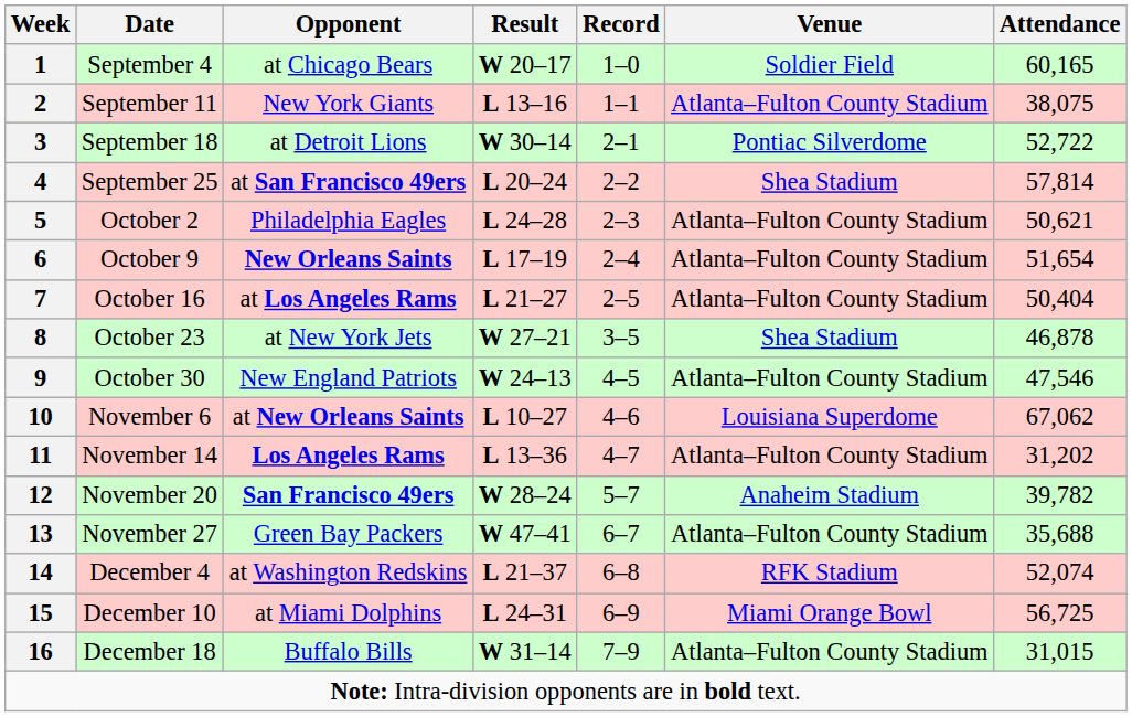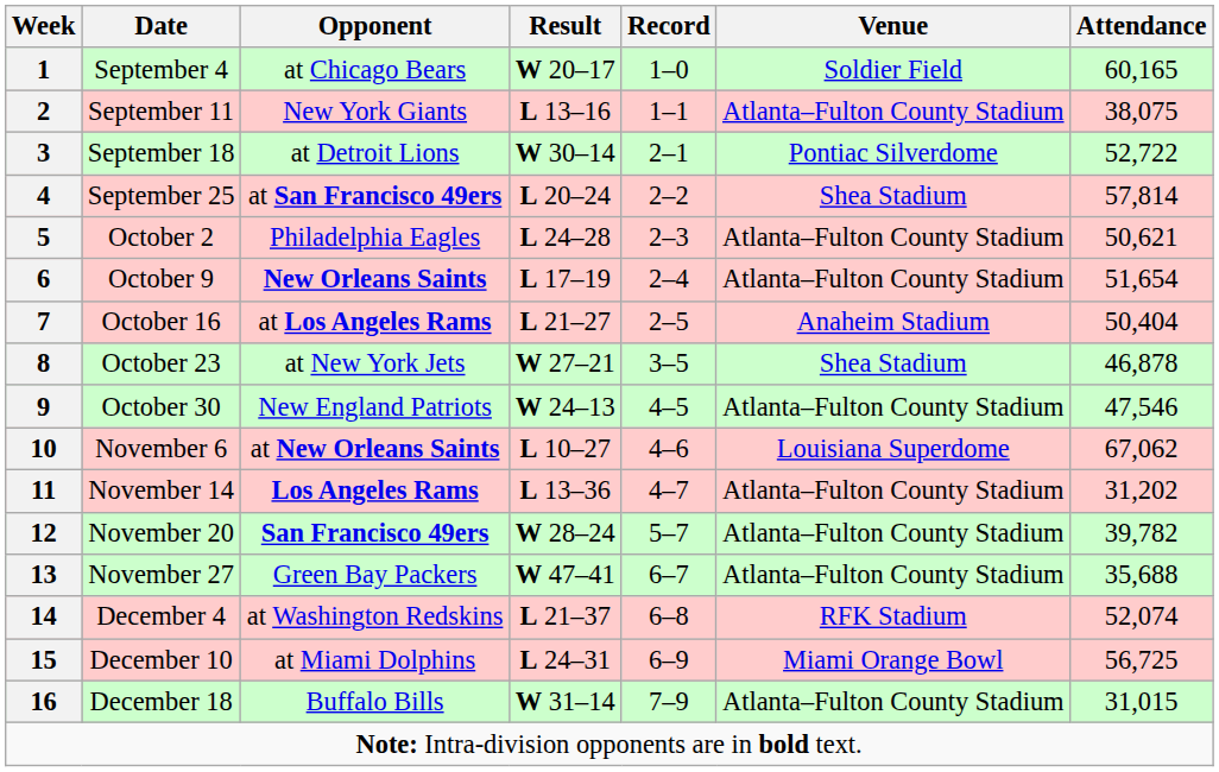 <table class="wikitable" style="text-align:center">
 <tr>
 <th>Week</th>
 <th>Date</th>
 <th>Opponent</th>
 <th>Result</th>
 <th>Record</th>
 <th>Venue</th>
 <th>Attendance</th>
 </tr>
 <tr style="background:#cfc">
 <th>1</th>
 <td>September 4</td>
 <td>at <a href='#'>Chicago Bears</a></td>
 <td><strong>W</strong> 20–17</td>
 <td>1–0</td>
 <td><a href='#'>Soldier Field</a></td>
 <td>60,165</td>
 </tr>
 <tr style="background:#fcc">
 <th>2</th>
 <td>September 11</td>
 <td><a href='#'>New York Giants</a></td>
 <td><strong>L</strong> 13–16</td>
 <td>1–1</td>
 <td><a href='#'>Atlanta–Fulton County Stadium</a></td>
 <td>38,075</td>
 </tr>
 <tr style="background:#cfc">
 <th>3</th>
 <td>September 18</td>
 <td>at <a href='#'>Detroit Lions</a></td>
 <td><strong>W</strong> 30–14</td>
 <td>2–1</td>
 <td><a href='#'>Pontiac Silverdome</a></td>
 <td>52,722</td>
 </tr>
 <tr style="background:#fcc">
 <th>4</th>
 <td>September 25</td>
 <td>at <strong><a href='#'>San Francisco 49ers</a></strong></td>
 <td><strong>L</strong> 20–24</td>
 <td>2–2</td>
 <td><a href='#'>Shea Stadium</a></td>
 <td>57,814</td>
 </tr>
 <tr style="background:#fcc">
 <th>5</th>
 <td>October 2</td>
 <td><a href='#'>Philadelphia Eagles</a></td>
 <td><strong>L</strong> 24–28</td>
 <td>2–3</td>
 <td>Atlanta–Fulton County Stadium</td>
 <td>50,621</td>
 </tr>
 <tr style="background:#fcc">
 <th>6</th>
 <td>October 9</td>
 <td><strong><a href='#'>New Orleans Saints</a></strong></td>
 <td><strong>L</strong> 17–19</td>
 <td>2–4</td>
 <td>Atlanta–Fulton County Stadium</td>
 <td>51,654</td>
 </tr>
 <tr style="background:#fcc">
 <th>7</th>
 <td>October 16</td>
 <td>at <strong><a href='#'>Los Angeles Rams</a></strong></td>
 <td><strong>L</strong> 21–27</td>
 <td>2–5</td>
-<td>Atlanta–Fulton County Stadium</td>
+<td><a href='#'>Anaheim Stadium</a></td>
 <td>50,404</td>
 </tr>
 <tr style="background:#cfc">
 <th>8</th>
 <td>October 23</td>
 <td>at <a href='#'>New York Jets</a></td>
 <td><strong>W</strong> 27–21</td>
 <td>3–5</td>
 <td><a href='#'>Shea Stadium</a></td>
 <td>46,878</td>
 </tr>
 <tr style="background:#cfc">
 <th>9</th>
 <td>October 30</td>
 <td><a href='#'>New England Patriots</a></td>
 <td><strong>W</strong> 24–13</td>
 <td>4–5</td>
 <td>Atlanta–Fulton County Stadium</td>
 <td>47,546</td>
 </tr>
 <tr style="background:#fcc">
 <th>10</th>
 <td>November 6</td>
 <td>at <strong><a href='#'>New Orleans Saints</a></strong></td>
 <td><strong>L</strong> 10–27</td>
 <td>4–6</td>
 <td><a href='#'>Louisiana Superdome</a></td>
 <td>67,062</td>
 </tr>
 <tr style="background:#fcc">
 <th>11</th>
 <td>November 14</td>
 <td><strong><a href='#'>Los Angeles Rams</a></strong></td>
 <td><strong>L</strong> 13–36</td>
 <td>4–7</td>
 <td>Atlanta–Fulton County Stadium</td>
 <td>31,202</td>
 </tr>
 <tr style="background:#cfc">
 <th>12</th>
 <td>November 20</td>
 <td><strong><a href='#'>San Francisco 49ers</a></strong></td>
 <td><strong>W</strong> 28–24</td>
 <td>5–7</td>
-<td><a href='#'>Anaheim Stadium</a></td>
+<td>Atlanta–Fulton County Stadium</td>
 <td>39,782</td>
 </tr>
 <tr style="background:#cfc">
 <th>13</th>
 <td>November 27</td>
 <td><a href='#'>Green Bay Packers</a></td>
 <td><strong>W</strong> 47–41</td>
 <td>6–7</td>
 <td>Atlanta–Fulton County Stadium</td>
 <td>35,688</td>
 </tr>
 <tr style="background:#fcc">
 <th>14</th>
 <td>December 4</td>
 <td>at <a href='#'>Washington Redskins</a></td>
 <td><strong>L</strong> 21–37</td>
 <td>6–8</td>
 <td><a href='#'>RFK Stadium</a></td>
 <td>52,074</td>
 </tr>
 <tr style="background:#fcc">
 <th>15</th>
 <td>December 10</td>
 <td>at <a href='#'>Miami Dolphins</a></td>
 <td><strong>L</strong> 24–31</td>
 <td>6–9</td>
 <td><a href='#'>Miami Orange Bowl</a></td>
 <td>56,725</td>
 </tr>
 <tr style="background:#cfc">
 <th>16</th>
 <td>December 18</td>
 <td><a href='#'>Buffalo Bills</a></td>
 <td><strong>W</strong> 31–14</td>
 <td>7–9</td>
 <td>Atlanta–Fulton County Stadium</td>
 <td>31,015</td>
 </tr>
 <tr>
 <td colspan="8"><strong>Note:</strong> Intra-division opponents are in <strong>bold</strong> text.</td>
 </tr>
 </table>
